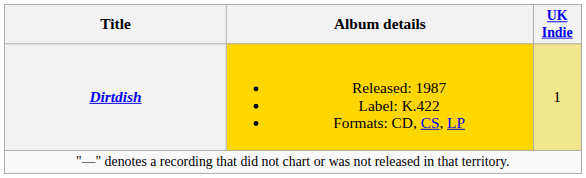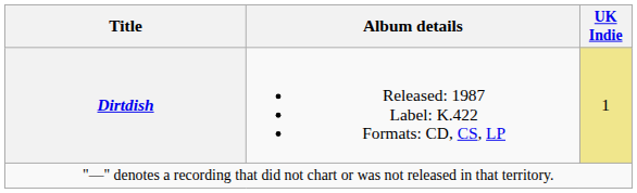 <table class="wikitable plainrowheaders" style="text-align:center;">
 <tr>
 <th scope="col" rowspan="1" style="width:14em;">Title</th>
 <th scope="col" rowspan="1" style="width:19.5em;">Album details</th>
 <th scope="col" rowspan="1" style="width:3em;font-size:90%;"><a href='#'>UK Indie</a><br></th>
 </tr>
 <tr>
 <th scope="row"><em><a href='#'>Dirtdish</a></em></th>
-<td style="background: gold;"><br><ul><li>Released: 1987</li><li>Label: K.422</li><li>Formats: CD, <a href='#'>CS</a>, <a href='#'>LP</a></li></ul></td>
+<td><br><ul><li>Released: 1987</li><li>Label: K.422</li><li>Formats: CD, <a href='#'>CS</a>, <a href='#'>LP</a></li></ul></td>
 <td style="background: khaki;">1</td>
 </tr>
 <tr>
 <td colspan="6" style="font-size:90%">"—" denotes a recording that did not chart or was not released in that territory.</td>
 </tr>
 </table>
